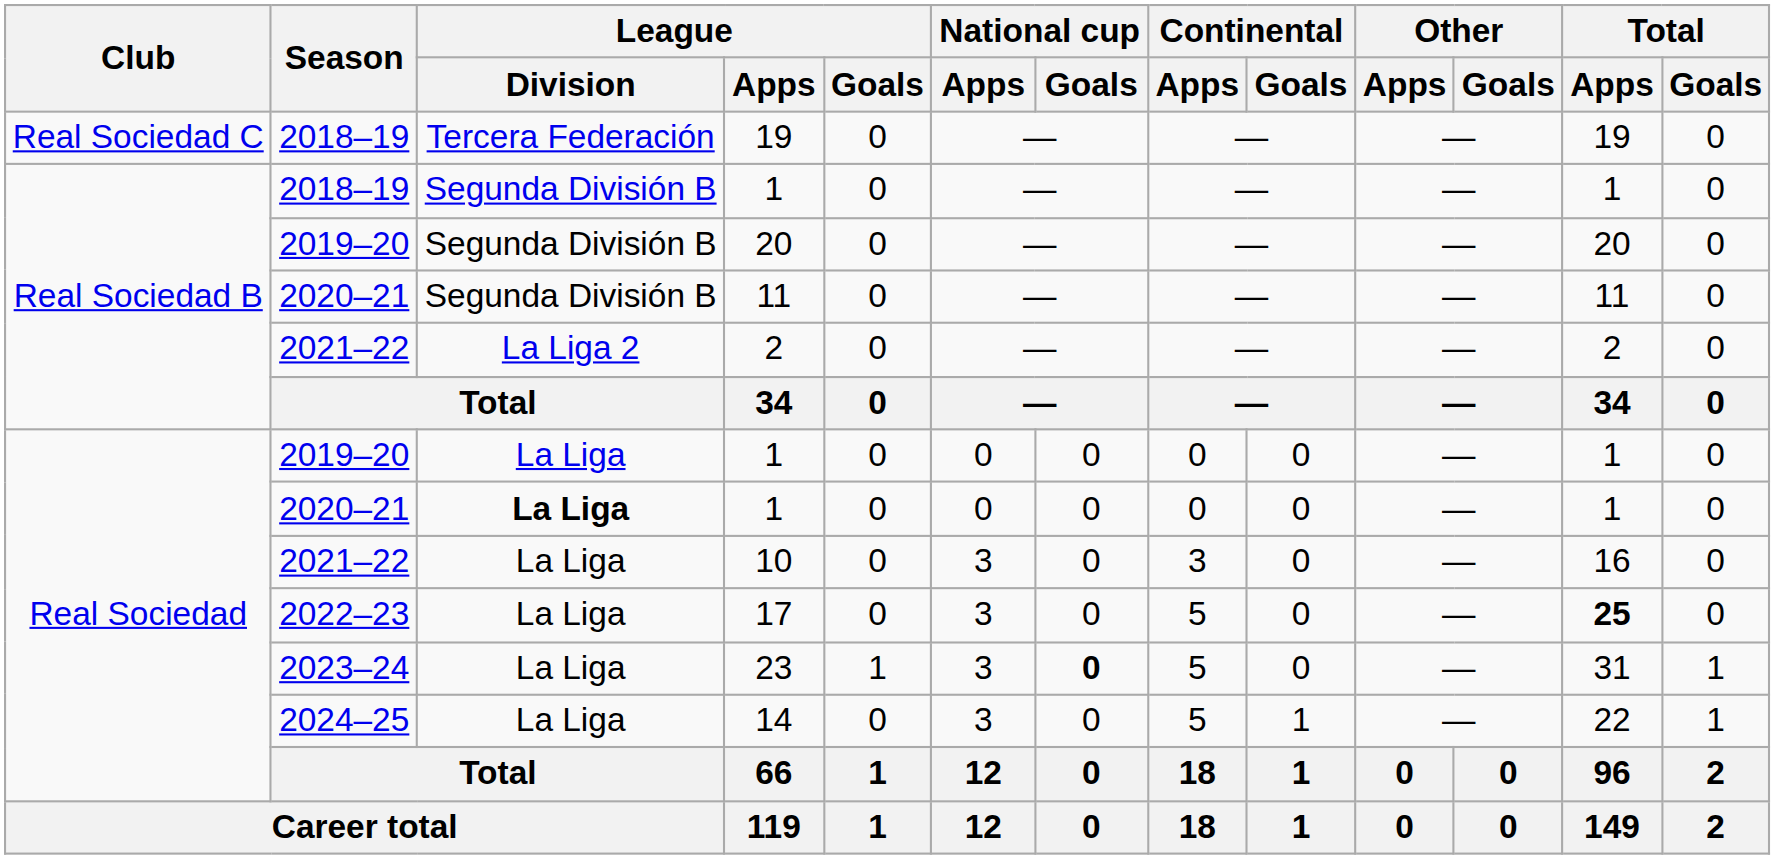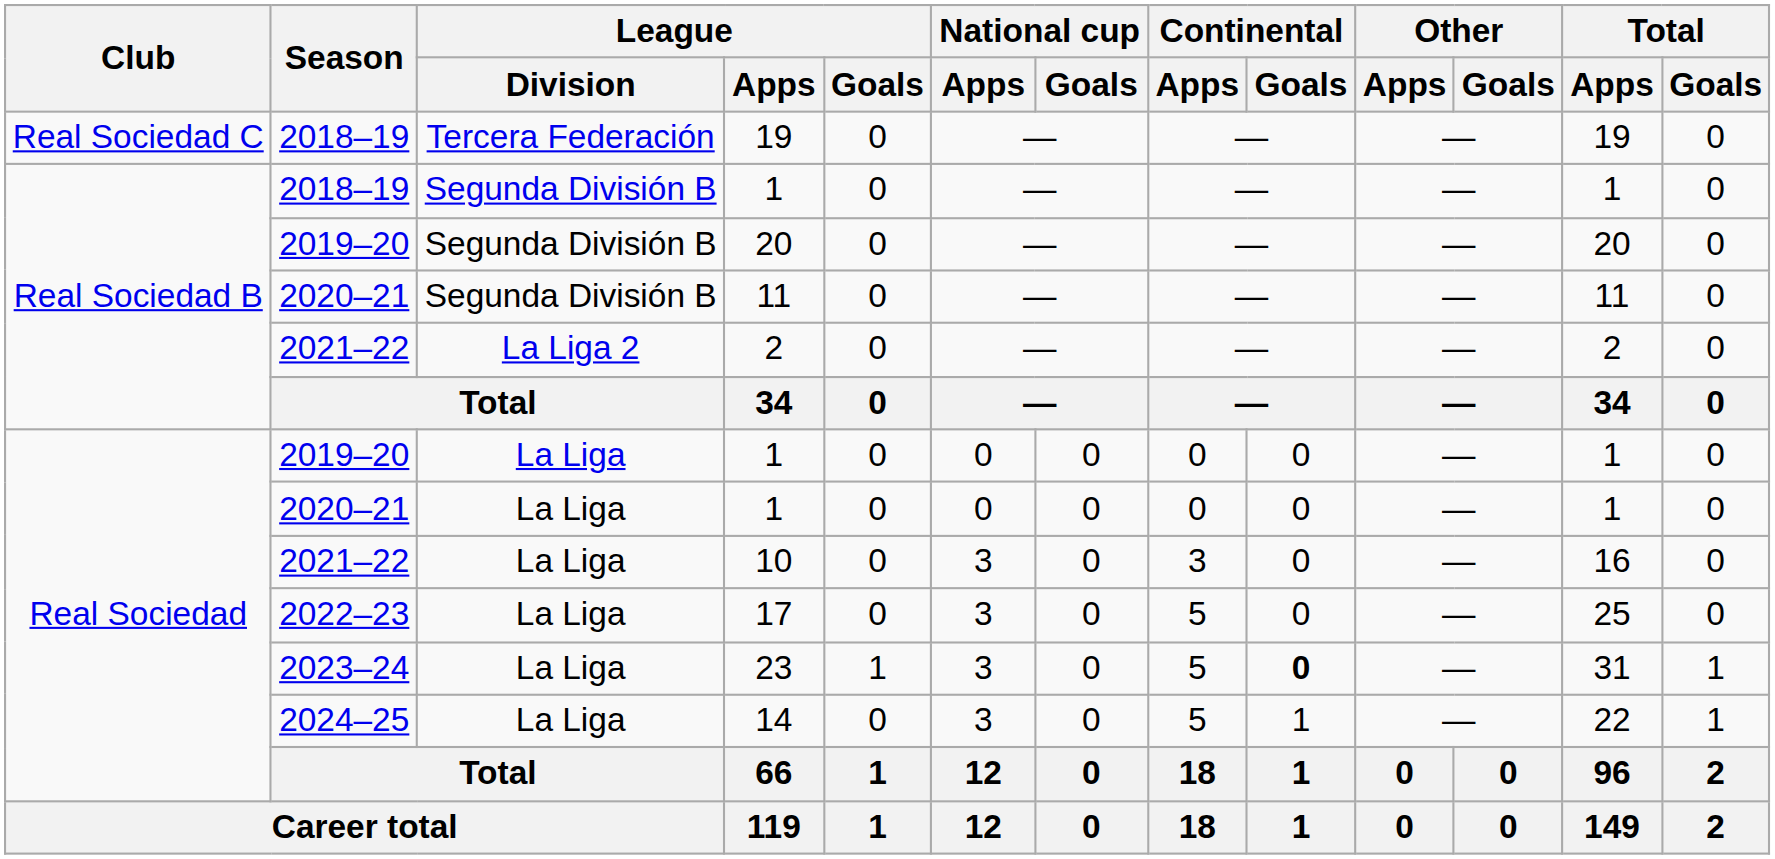 <table class="wikitable" style="text-align:center">
 <tr>
 <th rowspan="2">Club</th>
 <th rowspan="2">Season</th>
 <th colspan="3">League</th>
 <th colspan="2">National cup</th>
 <th colspan="2">Continental</th>
 <th colspan="2">Other</th>
 <th colspan="2">Total</th>
 </tr>
 <tr>
 <th>Division</th>
 <th>Apps</th>
 <th>Goals</th>
 <th>Apps</th>
 <th>Goals</th>
 <th>Apps</th>
 <th>Goals</th>
 <th>Apps</th>
 <th>Goals</th>
 <th>Apps</th>
 <th>Goals</th>
 </tr>
 <tr>
 <td><a href='#'>Real Sociedad C</a></td>
 <td><a href='#'>2018–19</a></td>
 <td><a href='#'>Tercera Federación</a></td>
 <td>19</td>
 <td>0</td>
 <td colspan="2">—</td>
 <td colspan="2">—</td>
 <td colspan="2">—</td>
 <td>19</td>
 <td>0</td>
 </tr>
 <tr>
 <td rowspan="5"><a href='#'>Real Sociedad B</a></td>
 <td><a href='#'>2018–19</a></td>
 <td><a href='#'>Segunda División B</a></td>
 <td>1</td>
 <td>0</td>
 <td colspan="2">—</td>
 <td colspan="2">—</td>
 <td colspan="2">—</td>
 <td>1</td>
 <td>0</td>
 </tr>
 <tr>
 <td><a href='#'>2019–20</a></td>
 <td>Segunda División B</td>
 <td>20</td>
 <td>0</td>
 <td colspan="2">—</td>
 <td colspan="2">—</td>
 <td colspan="2">—</td>
 <td>20</td>
 <td>0</td>
 </tr>
 <tr>
 <td><a href='#'>2020–21</a></td>
 <td>Segunda División B</td>
 <td>11</td>
 <td>0</td>
 <td colspan="2">—</td>
 <td colspan="2">—</td>
 <td colspan="2">—</td>
 <td>11</td>
 <td>0</td>
 </tr>
 <tr>
 <td><a href='#'>2021–22</a></td>
 <td><a href='#'>La Liga 2</a></td>
 <td>2</td>
 <td>0</td>
 <td colspan="2">—</td>
 <td colspan="2">—</td>
 <td colspan="2">—</td>
 <td>2</td>
 <td>0</td>
 </tr>
 <tr>
 <th colspan="2">Total</th>
 <th>34</th>
 <th>0</th>
 <th colspan="2">—</th>
 <th colspan="2">—</th>
 <th colspan="2">—</th>
 <th>34</th>
 <th>0</th>
 </tr>
 <tr>
 <td rowspan="7"><a href='#'>Real Sociedad</a></td>
 <td><a href='#'>2019–20</a></td>
 <td><a href='#'>La Liga</a></td>
 <td>1</td>
 <td>0</td>
 <td>0</td>
 <td>0</td>
 <td>0</td>
 <td>0</td>
 <td colspan="2">—</td>
 <td>1</td>
 <td>0</td>
 </tr>
 <tr>
 <td><a href='#'>2020–21</a></td>
-<td><strong>La Liga</strong></td>
+<td>La Liga</td>
 <td>1</td>
 <td>0</td>
 <td>0</td>
 <td>0</td>
 <td>0</td>
 <td>0</td>
 <td colspan="2">—</td>
 <td>1</td>
 <td>0</td>
 </tr>
 <tr>
 <td><a href='#'>2021–22</a></td>
 <td>La Liga</td>
 <td>10</td>
 <td>0</td>
 <td>3</td>
 <td>0</td>
 <td>3</td>
 <td>0</td>
 <td colspan="2">—</td>
 <td>16</td>
 <td>0</td>
 </tr>
 <tr>
 <td><a href='#'>2022–23</a></td>
 <td>La Liga</td>
 <td>17</td>
 <td>0</td>
 <td>3</td>
 <td>0</td>
 <td>5</td>
 <td>0</td>
 <td colspan="2">—</td>
-<td><strong>25</strong></td>
+<td>25</td>
 <td>0</td>
 </tr>
 <tr>
 <td><a href='#'>2023–24</a></td>
 <td>La Liga</td>
 <td>23</td>
 <td>1</td>
 <td>3</td>
+<td>0</td>
+<td>5</td>
 <td><strong>0</strong></td>
-<td>5</td>
-<td>0</td>
 <td colspan="2">—</td>
 <td>31</td>
 <td>1</td>
 </tr>
 <tr>
 <td><a href='#'>2024–25</a></td>
 <td>La Liga</td>
 <td>14</td>
 <td>0</td>
 <td>3</td>
 <td>0</td>
 <td>5</td>
 <td>1</td>
 <td colspan="2">—</td>
 <td>22</td>
 <td>1</td>
 </tr>
 <tr>
 <th colspan="2">Total</th>
 <th>66</th>
 <th>1</th>
 <th>12</th>
 <th>0</th>
 <th>18</th>
 <th>1</th>
 <th>0</th>
 <th>0</th>
 <th>96</th>
 <th>2</th>
 </tr>
 <tr>
 <th colspan="3">Career total</th>
 <th>119</th>
 <th>1</th>
 <th>12</th>
 <th>0</th>
 <th>18</th>
 <th>1</th>
 <th>0</th>
 <th>0</th>
 <th>149</th>
 <th>2</th>
 </tr>
 </table>
